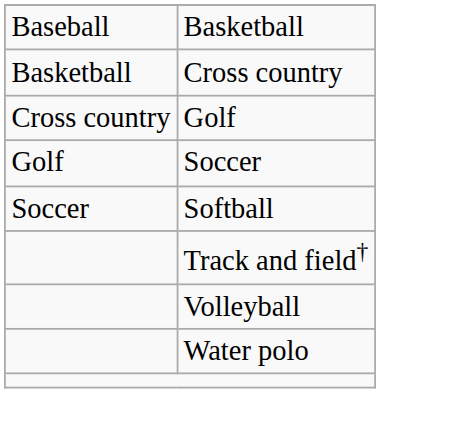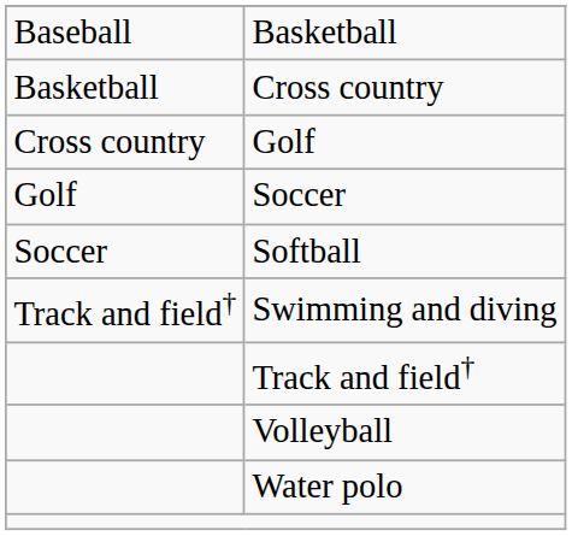 <table class="wikitable" style=>
 <tr>
 </tr>
 <tr>
 <td>Baseball</td>
 <td>Basketball</td>
 </tr>
 <tr>
 <td>Basketball</td>
 <td>Cross country</td>
 </tr>
 <tr>
 <td>Cross country</td>
 <td>Golf</td>
 </tr>
 <tr>
 <td>Golf</td>
 <td>Soccer</td>
 </tr>
 <tr>
 <td>Soccer</td>
 <td>Softball</td>
 </tr>
 <tr>
+<td>Track and field<sup>†</sup></td>
+<td>Swimming and diving</td>
+</tr>
+<tr>
 <td></td>
 <td>Track and field<sup>†</sup></td>
 </tr>
 <tr>
 <td></td>
 <td>Volleyball</td>
 </tr>
 <tr>
 <td></td>
 <td>Water polo</td>
 </tr>
 <tr>
 <td colspan="2"></td>
 </tr>
 </table>
